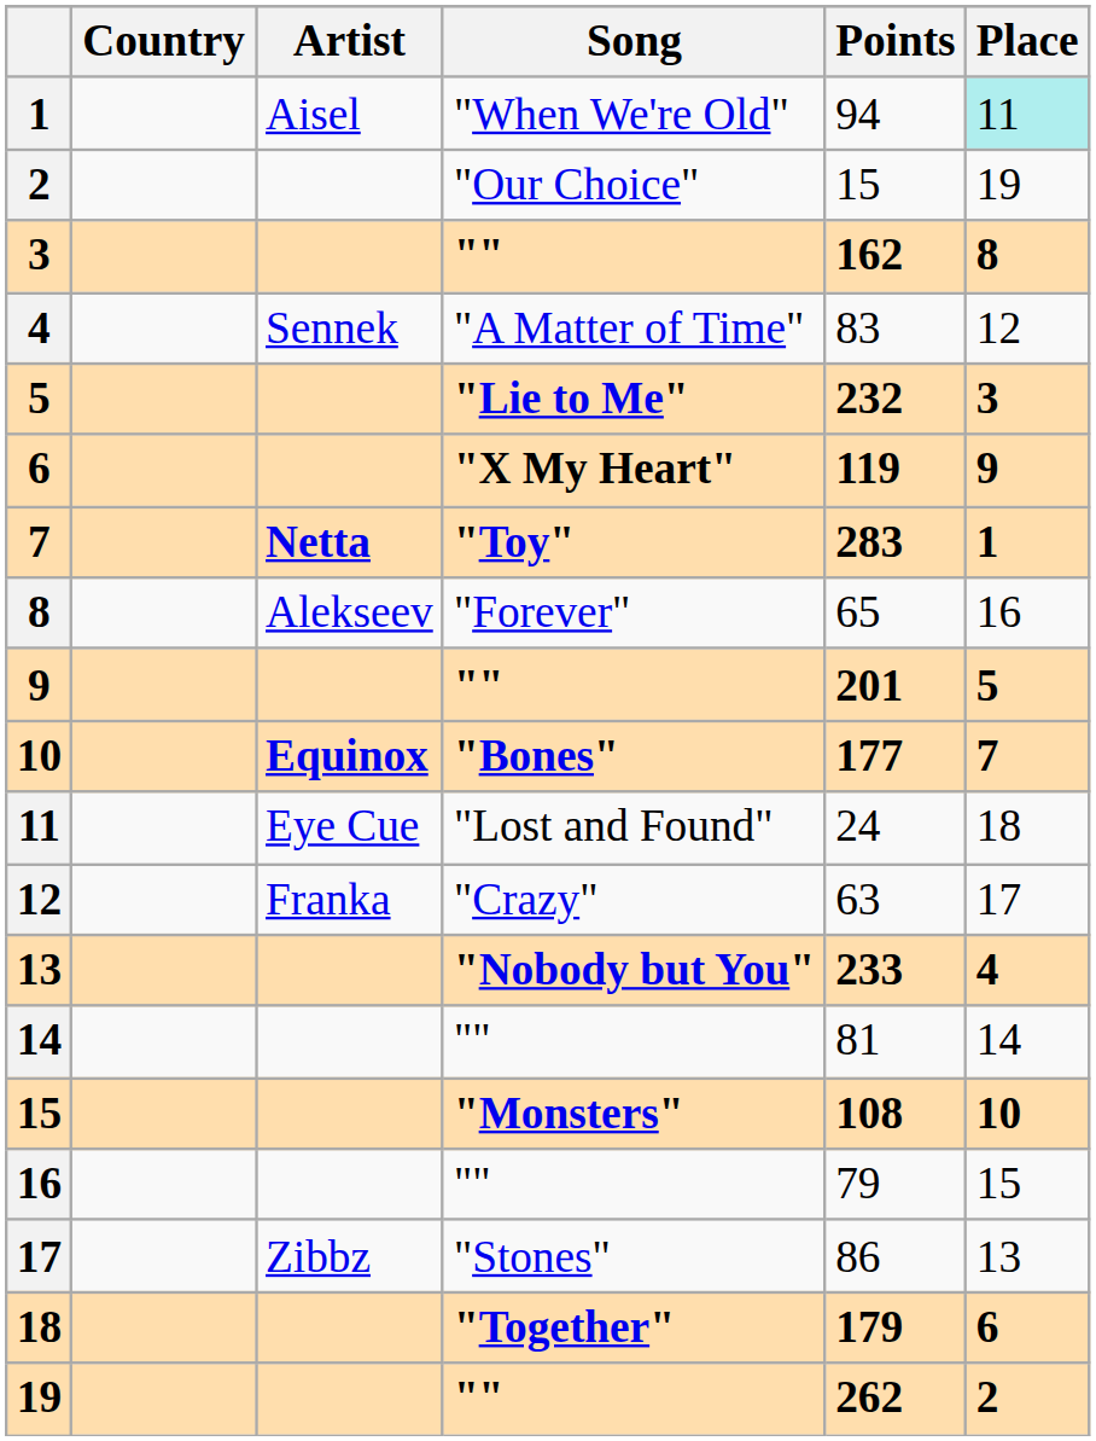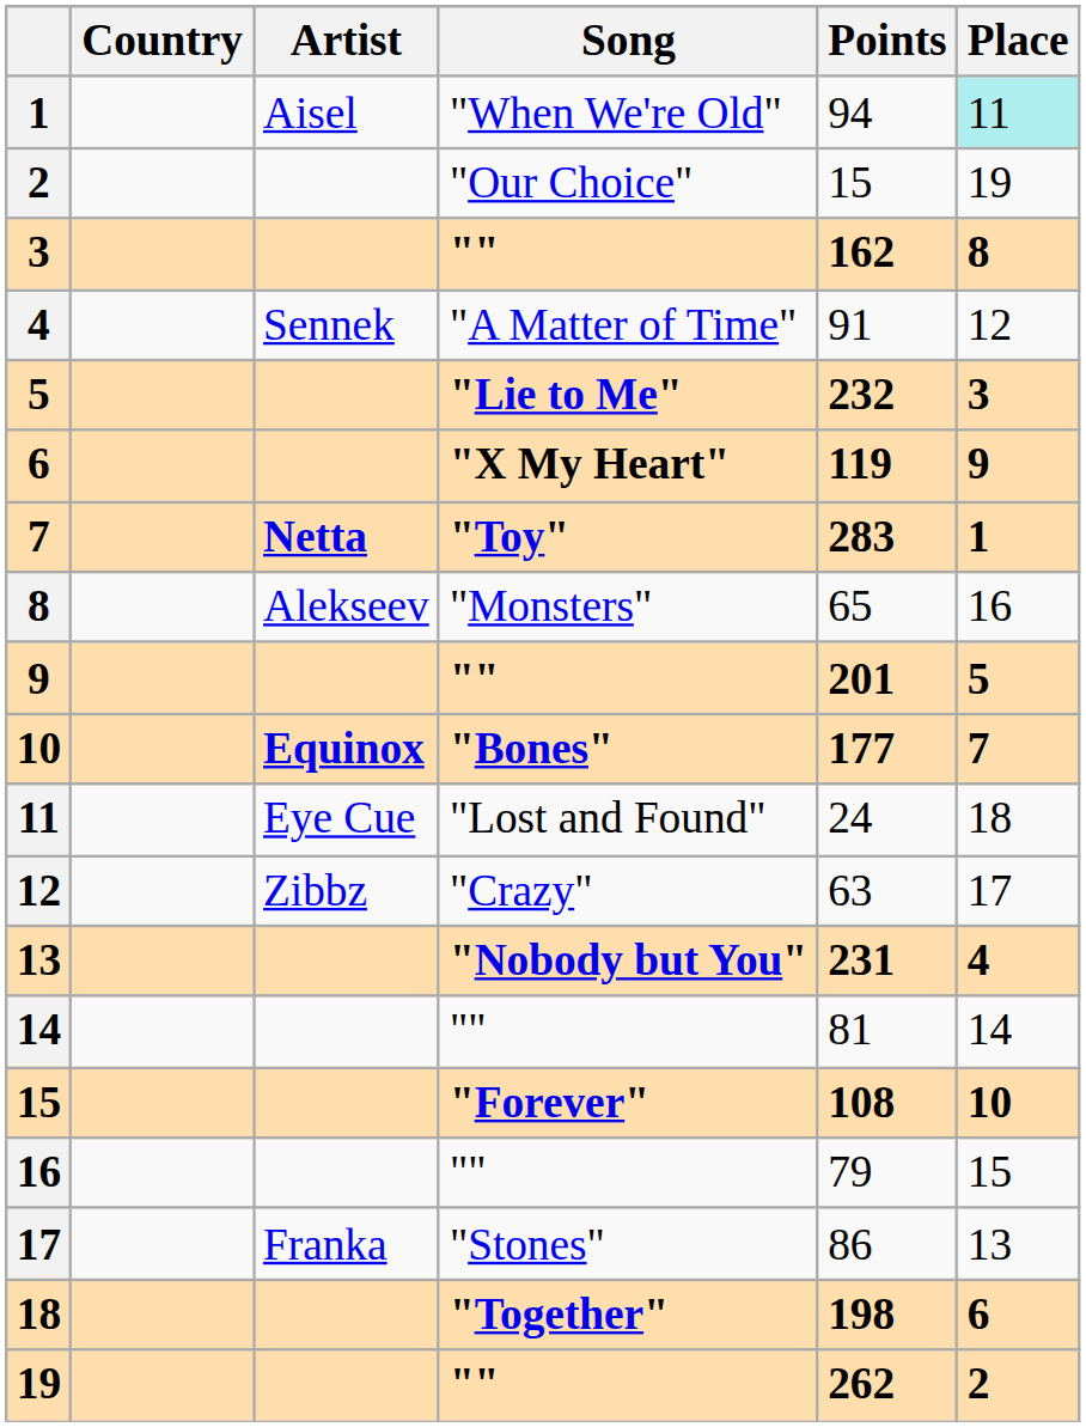 <table class="sortable wikitable plainrowheaders">
 <tr>
 </tr>
 <tr>
 <th scope="col"></th>
 <th scope="col">Country</th>
 <th scope="col">Artist</th>
 <th scope="col">Song</th>
 <th scope="col">Points</th>
 <th scope="col">Place</th>
 </tr>
 <tr>
 <th scope="row" style="text-align:center;">1</th>
 <td></td>
 <td><a href='#'>Aisel</a></td>
 <td>"<a href='#'>When We're Old</a>"</td>
 <td>94</td>
 <td style="background: paleturquoise;">11</td>
 </tr>
 <tr>
 <th scope="row" style="text-align:center;">2</th>
 <td></td>
 <td></td>
 <td>"<a href='#'>Our Choice</a>"</td>
 <td>15</td>
 <td>19</td>
 </tr>
 <tr style="font-weight:bold; background:navajowhite;">
 <th scope="row" style="text-align:center; font-weight:bold; background:navajowhite;">3</th>
 <td></td>
 <td></td>
 <td>""</td>
 <td>162</td>
 <td>8</td>
 </tr>
 <tr>
 <th scope="row" style="text-align:center;">4</th>
 <td></td>
 <td><a href='#'>Sennek</a></td>
 <td>"<a href='#'>A Matter of Time</a>"</td>
-<td>83</td>
+<td>91</td>
 <td>12</td>
 </tr>
 <tr style="font-weight:bold; background:navajowhite;">
 <th scope="row" style="text-align:center; font-weight:bold; background:navajowhite;">5</th>
 <td></td>
 <td></td>
 <td>"<a href='#'>Lie to Me</a>"</td>
 <td>232</td>
 <td>3</td>
 </tr>
 <tr style="font-weight:bold; background:navajowhite;">
 <th scope="row" style="text-align:center; font-weight:bold; background:navajowhite;">6</th>
 <td></td>
 <td></td>
 <td>"X My Heart"</td>
 <td>119</td>
 <td>9</td>
 </tr>
 <tr style="font-weight:bold; background:navajowhite;">
 <th scope="row" style="text-align:center; font-weight:bold; background:navajowhite;">7</th>
 <td></td>
 <td><a href='#'>Netta</a></td>
 <td>"<a href='#'>Toy</a>"</td>
 <td>283</td>
 <td>1</td>
 </tr>
 <tr>
 <th scope="row" style="text-align:center;">8</th>
 <td></td>
 <td><a href='#'>Alekseev</a></td>
-<td>"<a href='#'>Forever</a>"</td>
+<td>"<a href='#'>Monsters</a>"</td>
 <td>65</td>
 <td>16</td>
 </tr>
 <tr style="font-weight:bold; background:navajowhite;">
 <th scope="row" style="text-align:center; font-weight:bold; background:navajowhite;">9</th>
 <td></td>
 <td></td>
 <td>""</td>
 <td>201</td>
 <td>5</td>
 </tr>
 <tr style="font-weight:bold; background:navajowhite;">
 <th scope="row" style="text-align:center; font-weight:bold; background:navajowhite;">10</th>
 <td></td>
 <td><a href='#'>Equinox</a></td>
 <td>"<a href='#'>Bones</a>"</td>
 <td>177</td>
 <td>7</td>
 </tr>
 <tr>
 <th scope="row" style="text-align:center;">11</th>
 <td></td>
 <td><a href='#'>Eye Cue</a></td>
 <td>"Lost and Found"</td>
 <td>24</td>
 <td>18</td>
 </tr>
 <tr>
 <th scope="row" style="text-align:center;">12</th>
 <td></td>
-<td><a href='#'>Franka</a></td>
+<td><a href='#'>Zibbz</a></td>
 <td>"<a href='#'>Crazy</a>"</td>
 <td>63</td>
 <td>17</td>
 </tr>
 <tr style="font-weight:bold; background:navajowhite;">
 <th scope="row" style="text-align:center; font-weight:bold; background:navajowhite;">13</th>
 <td></td>
 <td></td>
 <td>"<a href='#'>Nobody but You</a>"</td>
-<td>233</td>
+<td>231</td>
 <td>4</td>
 </tr>
 <tr>
 <th scope="row" style="text-align:center;">14</th>
 <td></td>
 <td></td>
 <td>""</td>
 <td>81</td>
 <td>14</td>
 </tr>
 <tr style="font-weight:bold; background:navajowhite;">
 <th scope="row" style="text-align:center; font-weight:bold; background:navajowhite;">15</th>
 <td></td>
 <td></td>
-<td>"<a href='#'>Monsters</a>"</td>
+<td>"<a href='#'>Forever</a>"</td>
 <td>108</td>
 <td>10</td>
 </tr>
 <tr>
 <th scope="row" style="text-align:center;">16</th>
 <td></td>
 <td></td>
 <td>""</td>
 <td>79</td>
 <td>15</td>
 </tr>
 <tr>
 <th scope="row" style="text-align:center;">17</th>
 <td></td>
-<td><a href='#'>Zibbz</a></td>
+<td><a href='#'>Franka</a></td>
 <td>"<a href='#'>Stones</a>"</td>
 <td>86</td>
 <td>13</td>
 </tr>
 <tr style="font-weight:bold; background:navajowhite;">
 <th scope="row" style="text-align:center; font-weight:bold; background:navajowhite;">18</th>
 <td></td>
 <td></td>
 <td>"<a href='#'>Together</a>"</td>
-<td>179</td>
+<td>198</td>
 <td>6</td>
 </tr>
 <tr style="font-weight:bold; background:navajowhite;">
 <th scope="row" style="text-align:center; font-weight:bold; background:navajowhite;">19</th>
 <td></td>
 <td></td>
 <td>""</td>
 <td>262</td>
 <td>2</td>
 </tr>
 </table>
